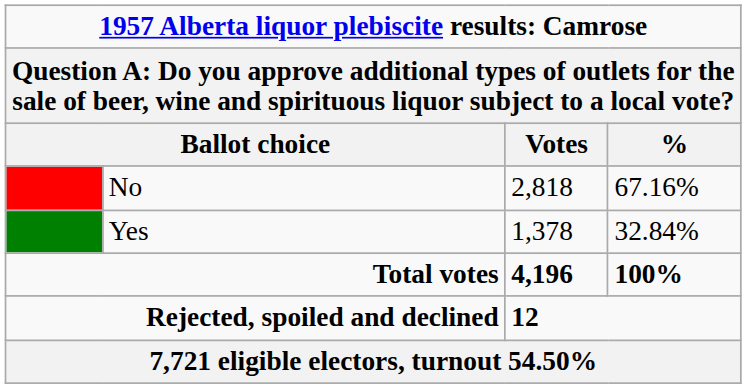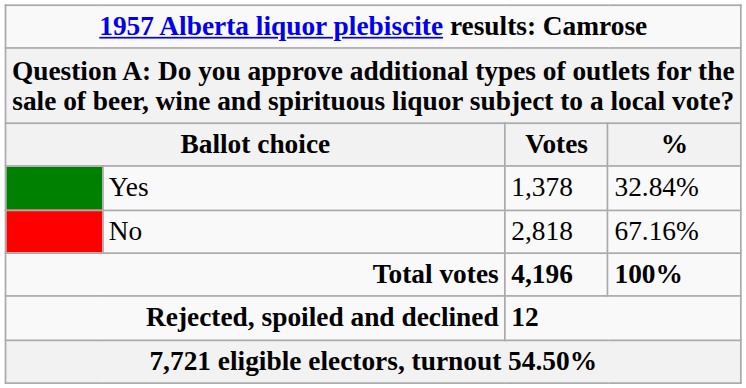 <table class="wikitable" align=right>
 <tr>
 <td colspan=4 align=center><strong><a href='#'>1957 Alberta liquor plebiscite</a> results: Camrose</strong></td>
 </tr>
 <tr>
 <th colspan=4>Question A: Do you approve additional types of outlets for the<br> sale of beer, wine and spirituous liquor subject to a local vote?</th>
 </tr>
 <tr>
 <th colspan=2>Ballot choice</th>
 <th>Votes</th>
 <th>%</th>
 </tr>
 <tr>
+<td bgcolor=green></td>
+<td>Yes</td>
+<td>1,378</td>
+<td>32.84%</td>
+</tr>
+<tr>
 <td bgcolor=red></td>
 <td>No</td>
 <td>2,818</td>
 <td>67.16%</td>
-</tr>
-<tr>
-<td bgcolor=green></td>
-<td>Yes</td>
-<td>1,378</td>
-<td>32.84%</td>
 </tr>
 <tr>
 <td align=right colspan=2><strong>Total votes</strong></td>
 <td><strong>4,196</strong></td>
 <td><strong>100%</strong></td>
 </tr>
 <tr>
 <td align=right colspan=2><strong>Rejected, spoiled and declined</strong></td>
 <td colspan=2><strong>12</strong></td>
 </tr>
 <tr>
 <th colspan=4>7,721 eligible electors, turnout 54.50%</th>
 </tr>
 </table>
